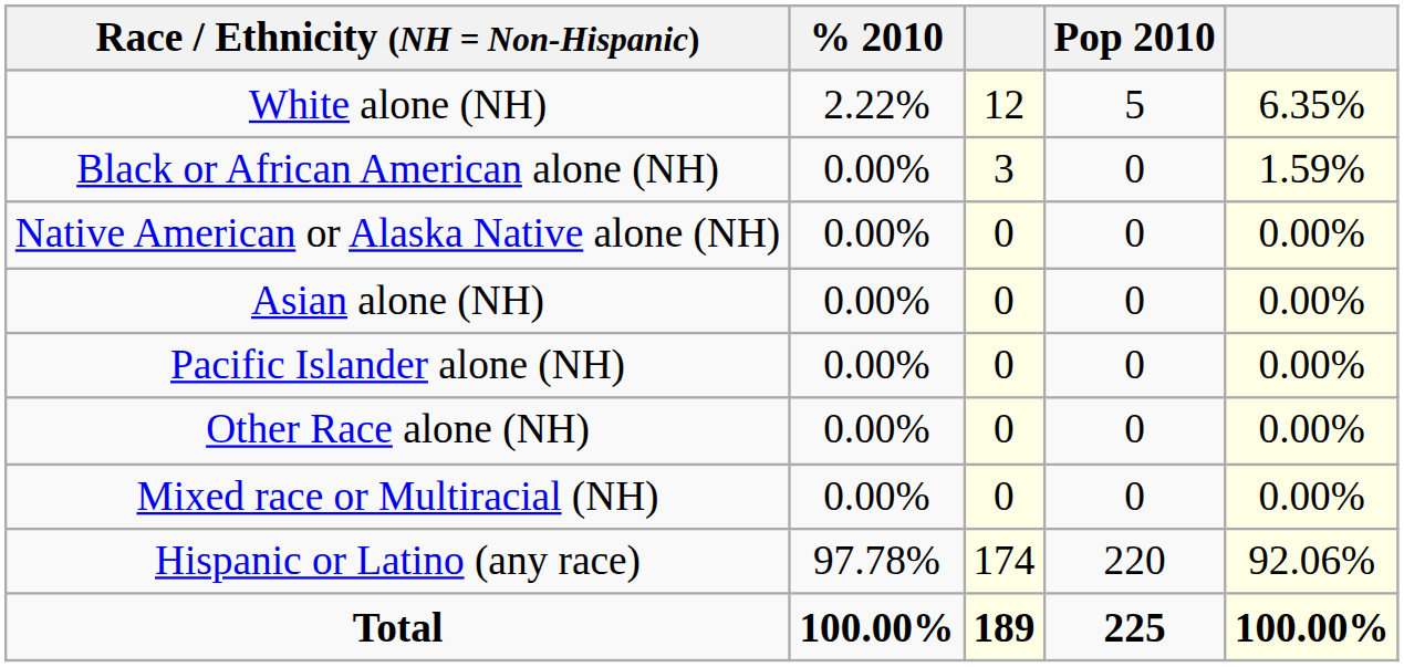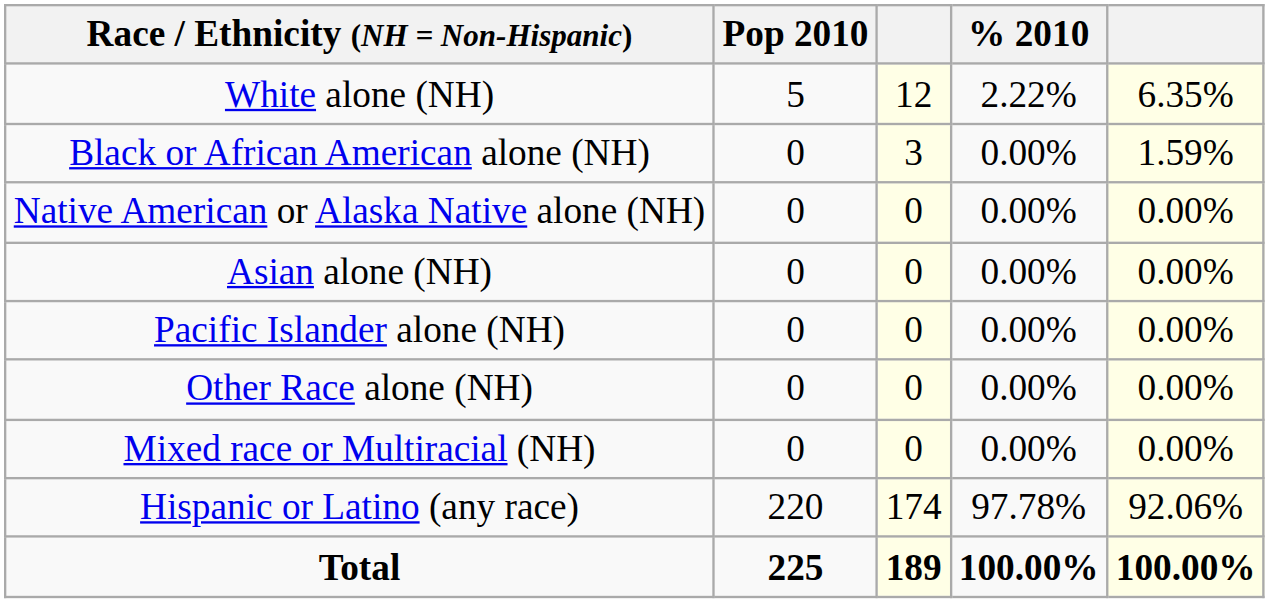 <table class="wikitable" style="text-align:center;">
 <tr>
 <th>Race / Ethnicity <small>(<em>NH = Non-Hispanic</em>)</small></th>
+<th>Pop 2010</th>
+<th></th>
 <th>% 2010</th>
-<th></th>
-<th>Pop 2010</th>
 <th></th>
 </tr>
 <tr>
 <td><a href='#'>White</a> alone (NH)</td>
+<td>5</td>
+<td style='background: #ffffe6;'>12</td>
 <td>2.22%</td>
-<td style='background: #ffffe6;'>12</td>
-<td>5</td>
 <td style='background: #ffffe6;'>6.35%</td>
 </tr>
 <tr>
 <td><a href='#'>Black or African American</a> alone (NH)</td>
+<td>0</td>
+<td style='background: #ffffe6;'>3</td>
 <td>0.00%</td>
-<td style='background: #ffffe6;'>3</td>
-<td>0</td>
 <td style='background: #ffffe6;'>1.59%</td>
 </tr>
 <tr>
 <td><a href='#'>Native American</a> or <a href='#'>Alaska Native</a> alone (NH)</td>
+<td>0</td>
+<td style='background: #ffffe6;'>0</td>
 <td>0.00%</td>
-<td style='background: #ffffe6;'>0</td>
-<td>0</td>
 <td style='background: #ffffe6;'>0.00%</td>
 </tr>
 <tr>
 <td><a href='#'>Asian</a> alone (NH)</td>
+<td>0</td>
+<td style='background: #ffffe6;'>0</td>
 <td>0.00%</td>
-<td style='background: #ffffe6;'>0</td>
-<td>0</td>
 <td style='background: #ffffe6;'>0.00%</td>
 </tr>
 <tr>
 <td><a href='#'>Pacific Islander</a> alone (NH)</td>
+<td>0</td>
+<td style='background: #ffffe6;'>0</td>
 <td>0.00%</td>
-<td style='background: #ffffe6;'>0</td>
-<td>0</td>
 <td style='background: #ffffe6;'>0.00%</td>
 </tr>
 <tr>
 <td><a href='#'>Other Race</a> alone (NH)</td>
+<td>0</td>
+<td style='background: #ffffe6;'>0</td>
 <td>0.00%</td>
-<td style='background: #ffffe6;'>0</td>
-<td>0</td>
 <td style='background: #ffffe6;'>0.00%</td>
 </tr>
 <tr>
 <td><a href='#'>Mixed race or Multiracial</a> (NH)</td>
+<td>0</td>
+<td style='background: #ffffe6;'>0</td>
 <td>0.00%</td>
-<td style='background: #ffffe6;'>0</td>
-<td>0</td>
 <td style='background: #ffffe6;'>0.00%</td>
 </tr>
 <tr>
 <td><a href='#'>Hispanic or Latino</a> (any race)</td>
+<td>220</td>
+<td style='background: #ffffe6;'>174</td>
 <td>97.78%</td>
-<td style='background: #ffffe6;'>174</td>
-<td>220</td>
 <td style='background: #ffffe6;'>92.06%</td>
 </tr>
 <tr>
 <td><strong>Total</strong></td>
+<td><strong>225</strong></td>
+<td style='background: #ffffe6;'><strong>189</strong></td>
 <td><strong>100.00%</strong></td>
-<td style='background: #ffffe6;'><strong>189</strong></td>
-<td><strong>225</strong></td>
 <td style='background: #ffffe6;'><strong>100.00%</strong></td>
 </tr>
 </table>
